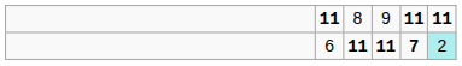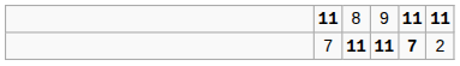 <table class="wikitable">
 <tr>
 <td style="width:18em"><strong></strong></td>
 <td align=center style="width:1em"><strong>11</strong></td>
 <td align=center style="width:1em">8</td>
 <td align=center style="width:1em">9</td>
 <td align=center style="width:1em"><strong>11</strong></td>
 <td align=center style="width:1em"><strong>11</strong></td>
 </tr>
 <tr>
 <td style="width:18em"></td>
-<td align=center style="width:1em">6</td>
+<td align=center style="width:1em">7</td>
 <td align=center style="width:1em"><strong>11</strong></td>
 <td align=center style="width:1em"><strong>11</strong></td>
 <td align=center style="width:1em"><strong>7</strong></td>
-<td align=center style="background: paleturquoise; width:1em">2</td>
+<td align=center style="width:1em">2</td>
 </tr>
 </table>
